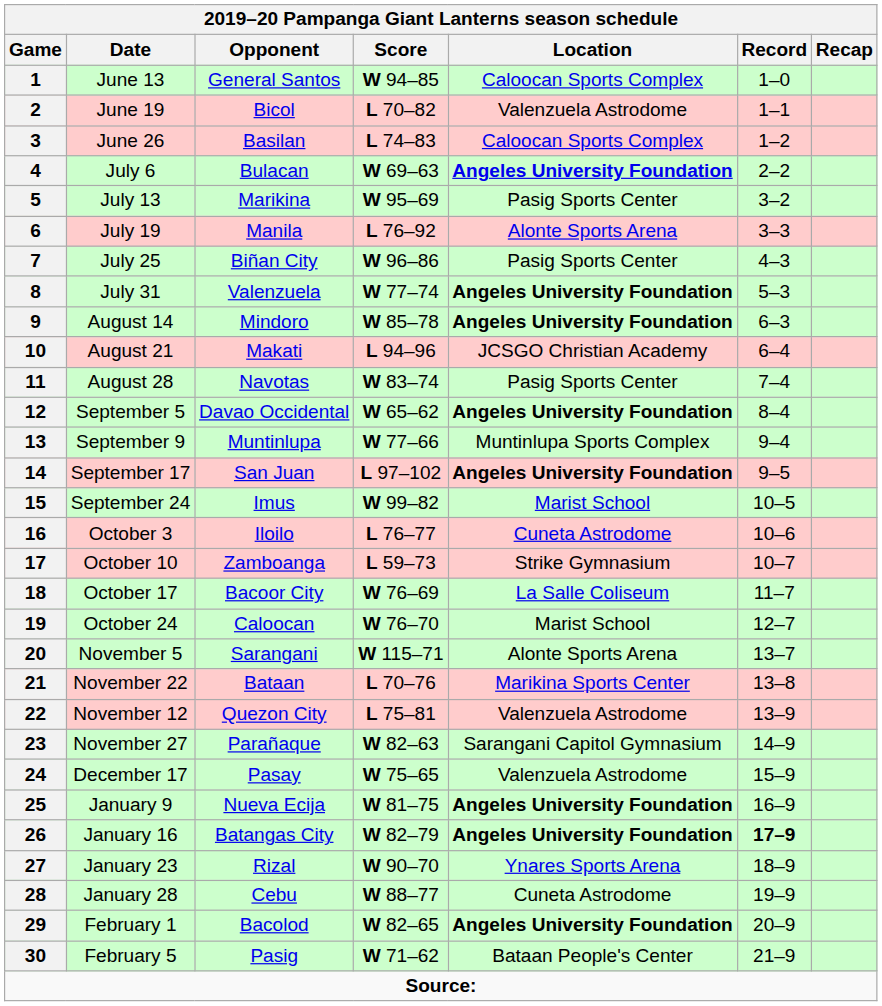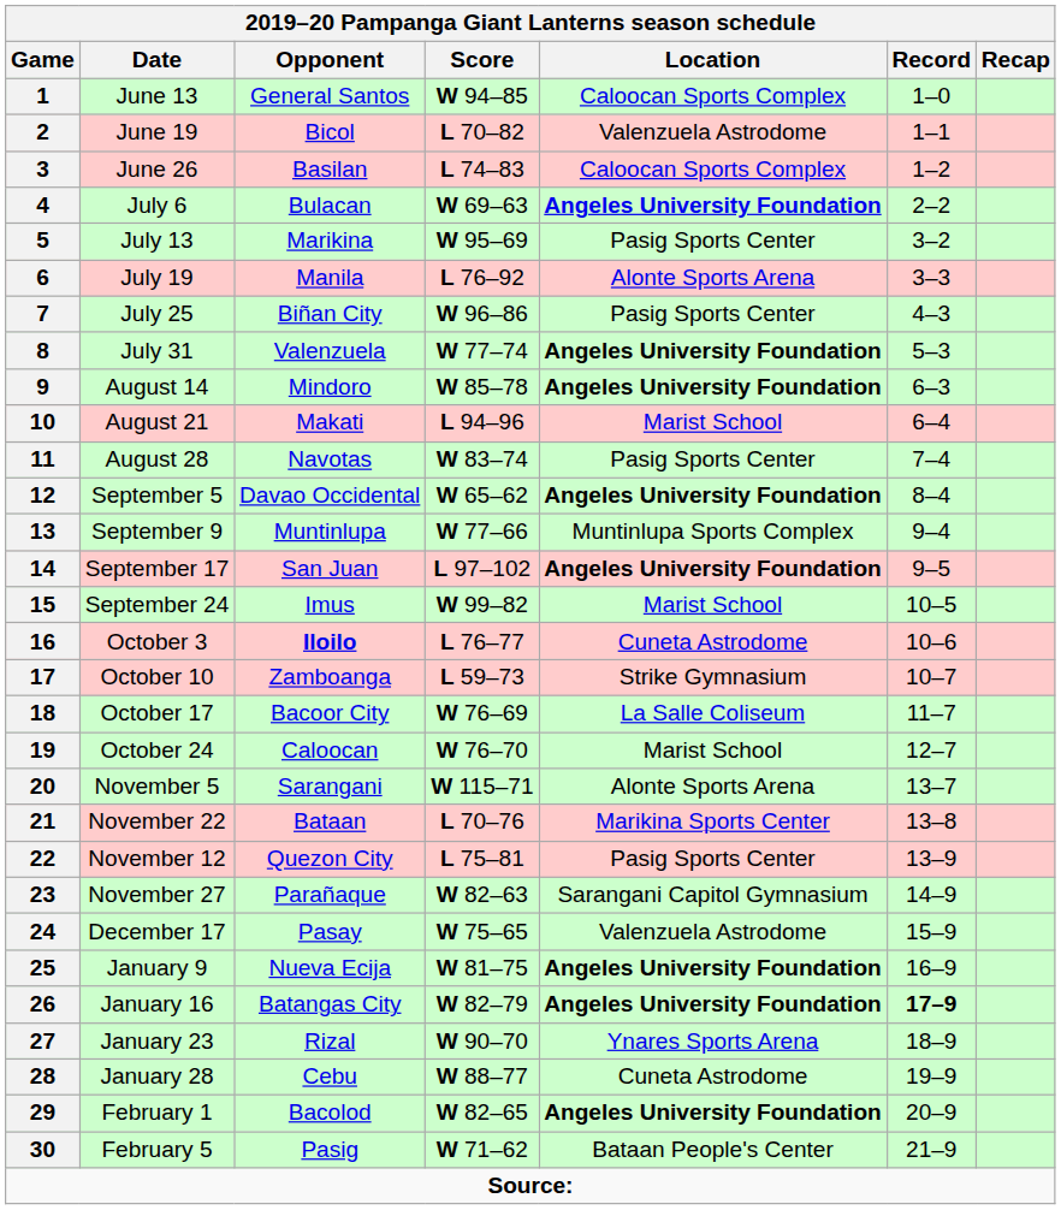 <table class="wikitable" style="text-align:center">
 <tr>
 <th colspan=7>2019–20 Pampanga Giant Lanterns season schedule</th>
 </tr>
 <tr>
 <th>Game</th>
 <th>Date</th>
 <th>Opponent</th>
 <th>Score</th>
 <th>Location</th>
 <th>Record</th>
 <th>Recap<br></th>
 </tr>
 <tr style="background:#cfc">
 <th>1</th>
 <td>June 13</td>
 <td><a href='#'>General Santos</a></td>
 <td><strong>W</strong> 94–85</td>
 <td><a href='#'>Caloocan Sports Complex</a></td>
 <td>1–0</td>
 <td></td>
 </tr>
 <tr style="background:#fcc">
 <th>2</th>
 <td>June 19</td>
 <td><a href='#'>Bicol</a></td>
 <td><strong>L</strong> 70–82</td>
 <td>Valenzuela Astrodome</td>
 <td>1–1</td>
 <td></td>
 </tr>
 <tr style="background:#fcc">
 <th>3</th>
 <td>June 26</td>
 <td><a href='#'>Basilan</a></td>
 <td><strong>L</strong> 74–83</td>
 <td><a href='#'>Caloocan Sports Complex</a></td>
 <td>1–2</td>
 <td></td>
 </tr>
 <tr style="background:#cfc">
 <th>4</th>
 <td>July 6</td>
 <td><a href='#'>Bulacan</a></td>
 <td><strong>W</strong> 69–63</td>
 <td><strong><a href='#'>Angeles University Foundation</a></strong></td>
 <td>2–2</td>
 <td></td>
 </tr>
 <tr style="background:#cfc">
 <th>5</th>
 <td>July 13</td>
 <td><a href='#'>Marikina</a></td>
 <td><strong>W</strong> 95–69</td>
 <td>Pasig Sports Center</td>
 <td>3–2</td>
 <td></td>
 </tr>
 <tr style="background:#fcc">
 <th>6</th>
 <td>July 19</td>
 <td><a href='#'>Manila</a></td>
 <td><strong>L</strong> 76–92</td>
 <td><a href='#'>Alonte Sports Arena</a></td>
 <td>3–3</td>
 <td></td>
 </tr>
 <tr style="background:#cfc">
 <th>7</th>
 <td>July 25</td>
 <td><a href='#'>Biñan City</a></td>
 <td><strong>W</strong> 96–86</td>
 <td>Pasig Sports Center</td>
 <td>4–3</td>
 <td></td>
 </tr>
 <tr style="background:#cfc">
 <th>8</th>
 <td>July 31</td>
 <td><a href='#'>Valenzuela</a></td>
 <td><strong>W</strong> 77–74</td>
 <td><strong>Angeles University Foundation</strong></td>
 <td>5–3</td>
 <td></td>
 </tr>
 <tr style="background:#cfc">
 <th>9</th>
 <td>August 14</td>
 <td><a href='#'>Mindoro</a></td>
 <td><strong>W</strong> 85–78</td>
 <td><strong>Angeles University Foundation</strong></td>
 <td>6–3</td>
 <td></td>
 </tr>
 <tr style="background:#fcc">
 <th>10</th>
 <td>August 21</td>
 <td><a href='#'>Makati</a></td>
 <td><strong>L</strong> 94–96</td>
-<td>JCSGO Christian Academy</td>
+<td><a href='#'>Marist School</a></td>
 <td>6–4</td>
 <td></td>
 </tr>
 <tr style="background:#cfc">
 <th>11</th>
 <td>August 28</td>
 <td><a href='#'>Navotas</a></td>
 <td><strong>W</strong> 83–74</td>
 <td>Pasig Sports Center</td>
 <td>7–4</td>
 <td><br></td>
 </tr>
 <tr style="background:#cfc">
 <th>12</th>
 <td>September 5</td>
 <td><a href='#'>Davao Occidental</a></td>
 <td><strong>W</strong> 65–62</td>
 <td><strong>Angeles University Foundation</strong></td>
 <td>8–4</td>
 <td></td>
 </tr>
 <tr style="background:#cfc">
 <th>13</th>
 <td>September 9</td>
 <td><a href='#'>Muntinlupa</a></td>
 <td><strong>W</strong> 77–66</td>
 <td>Muntinlupa Sports Complex</td>
 <td>9–4</td>
 <td></td>
 </tr>
 <tr style="background:#fcc">
 <th>14</th>
 <td>September 17</td>
 <td><a href='#'>San Juan</a></td>
 <td><strong>L</strong> 97–102</td>
 <td><strong>Angeles University Foundation</strong></td>
 <td>9–5</td>
 <td></td>
 </tr>
 <tr style="background:#cfc">
 <th>15</th>
 <td>September 24</td>
 <td><a href='#'>Imus</a></td>
 <td><strong>W</strong> 99–82</td>
 <td><a href='#'>Marist School</a></td>
 <td>10–5</td>
 <td></td>
 </tr>
 <tr style="background:#fcc">
 <th>16</th>
 <td>October 3</td>
-<td><a href='#'>Iloilo</a></td>
+<td><strong><a href='#'>Iloilo</a></strong></td>
 <td><strong>L</strong> 76–77</td>
 <td><a href='#'>Cuneta Astrodome</a></td>
 <td>10–6</td>
 <td></td>
 </tr>
 <tr style="background:#fcc">
 <th>17</th>
 <td>October 10</td>
 <td><a href='#'>Zamboanga</a></td>
 <td><strong>L</strong> 59–73</td>
 <td>Strike Gymnasium</td>
 <td>10–7</td>
 <td></td>
 </tr>
 <tr style="background:#cfc">
 <th>18</th>
 <td>October 17</td>
 <td><a href='#'>Bacoor City</a></td>
 <td><strong>W</strong> 76–69</td>
 <td><a href='#'>La Salle Coliseum</a></td>
 <td>11–7</td>
 <td></td>
 </tr>
 <tr style="background:#cfc">
 <th>19</th>
 <td>October 24</td>
 <td><a href='#'>Caloocan</a></td>
 <td><strong>W</strong> 76–70</td>
 <td>Marist School</td>
 <td>12–7</td>
 <td></td>
 </tr>
 <tr style="background:#cfc">
 <th>20</th>
 <td>November 5</td>
 <td><a href='#'>Sarangani</a></td>
 <td><strong>W</strong> 115–71</td>
 <td>Alonte Sports Arena</td>
 <td>13–7</td>
 <td></td>
 </tr>
 <tr style="background:#fcc">
 <th>21</th>
 <td>November 22</td>
 <td><a href='#'>Bataan</a></td>
 <td><strong>L</strong> 70–76</td>
 <td><a href='#'>Marikina Sports Center</a></td>
 <td>13–8</td>
 <td></td>
 </tr>
 <tr style="background:#fcc">
 <th>22</th>
 <td>November 12</td>
 <td><a href='#'>Quezon City</a></td>
 <td><strong>L</strong> 75–81</td>
-<td>Valenzuela Astrodome</td>
+<td>Pasig Sports Center</td>
 <td>13–9</td>
 <td></td>
 </tr>
 <tr style="background:#cfc">
 <th>23</th>
 <td>November 27</td>
 <td><a href='#'>Parañaque</a></td>
 <td><strong>W</strong> 82–63</td>
 <td>Sarangani Capitol Gymnasium</td>
 <td>14–9</td>
 <td><br></td>
 </tr>
 <tr style="background:#cfc">
 <th>24</th>
 <td>December 17</td>
 <td><a href='#'>Pasay</a></td>
 <td><strong>W</strong> 75–65</td>
 <td>Valenzuela Astrodome</td>
 <td>15–9</td>
 <td></td>
 </tr>
 <tr style="background:#cfc">
 <th>25</th>
 <td>January 9</td>
 <td><a href='#'>Nueva Ecija</a></td>
 <td><strong>W</strong> 81–75</td>
 <td><strong>Angeles University Foundation</strong></td>
 <td>16–9</td>
 <td></td>
 </tr>
 <tr style="background:#cfc">
 <th>26</th>
 <td>January 16</td>
 <td><a href='#'>Batangas City</a></td>
 <td><strong>W</strong> 82–79</td>
 <td><strong>Angeles University Foundation</strong></td>
 <td><strong>17–9</strong></td>
 <td></td>
 </tr>
 <tr style="background:#cfc">
 <th>27</th>
 <td>January 23</td>
 <td><a href='#'>Rizal</a></td>
 <td><strong>W</strong> 90–70</td>
 <td><a href='#'>Ynares Sports Arena</a></td>
 <td>18–9</td>
 <td></td>
 </tr>
 <tr style="background:#cfc">
 <th>28</th>
 <td>January 28</td>
 <td><a href='#'>Cebu</a></td>
 <td><strong>W</strong> 88–77</td>
 <td>Cuneta Astrodome</td>
 <td>19–9</td>
 <td></td>
 </tr>
 <tr style="background:#cfc">
 <th>29</th>
 <td>February 1</td>
 <td><a href='#'>Bacolod</a></td>
 <td><strong>W</strong> 82–65</td>
 <td><strong>Angeles University Foundation</strong></td>
 <td>20–9</td>
 <td></td>
 </tr>
 <tr style="background:#cfc">
 <th>30</th>
 <td>February 5</td>
 <td><a href='#'>Pasig</a></td>
 <td><strong>W</strong> 71–62</td>
 <td>Bataan People's Center</td>
 <td>21–9</td>
 <td></td>
 </tr>
 <tr>
 <td colspan=7 align=center><strong>Source: </strong></td>
 </tr>
 </table>
